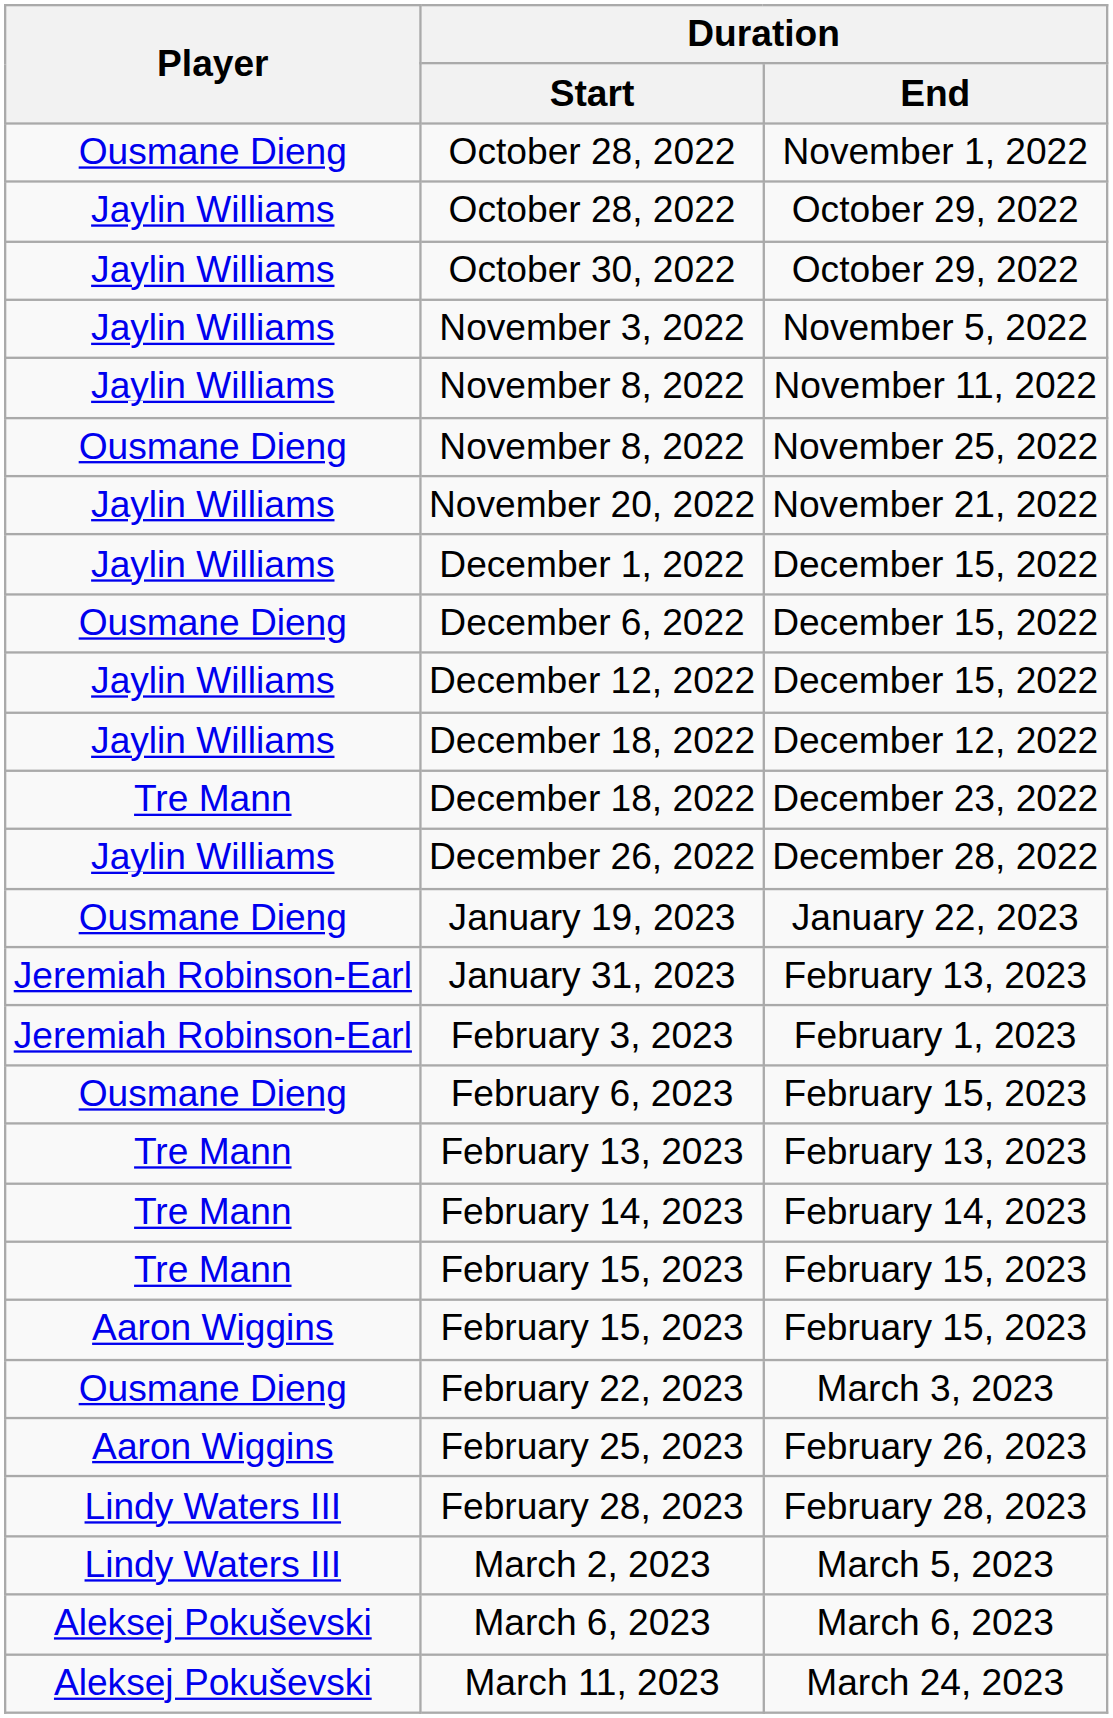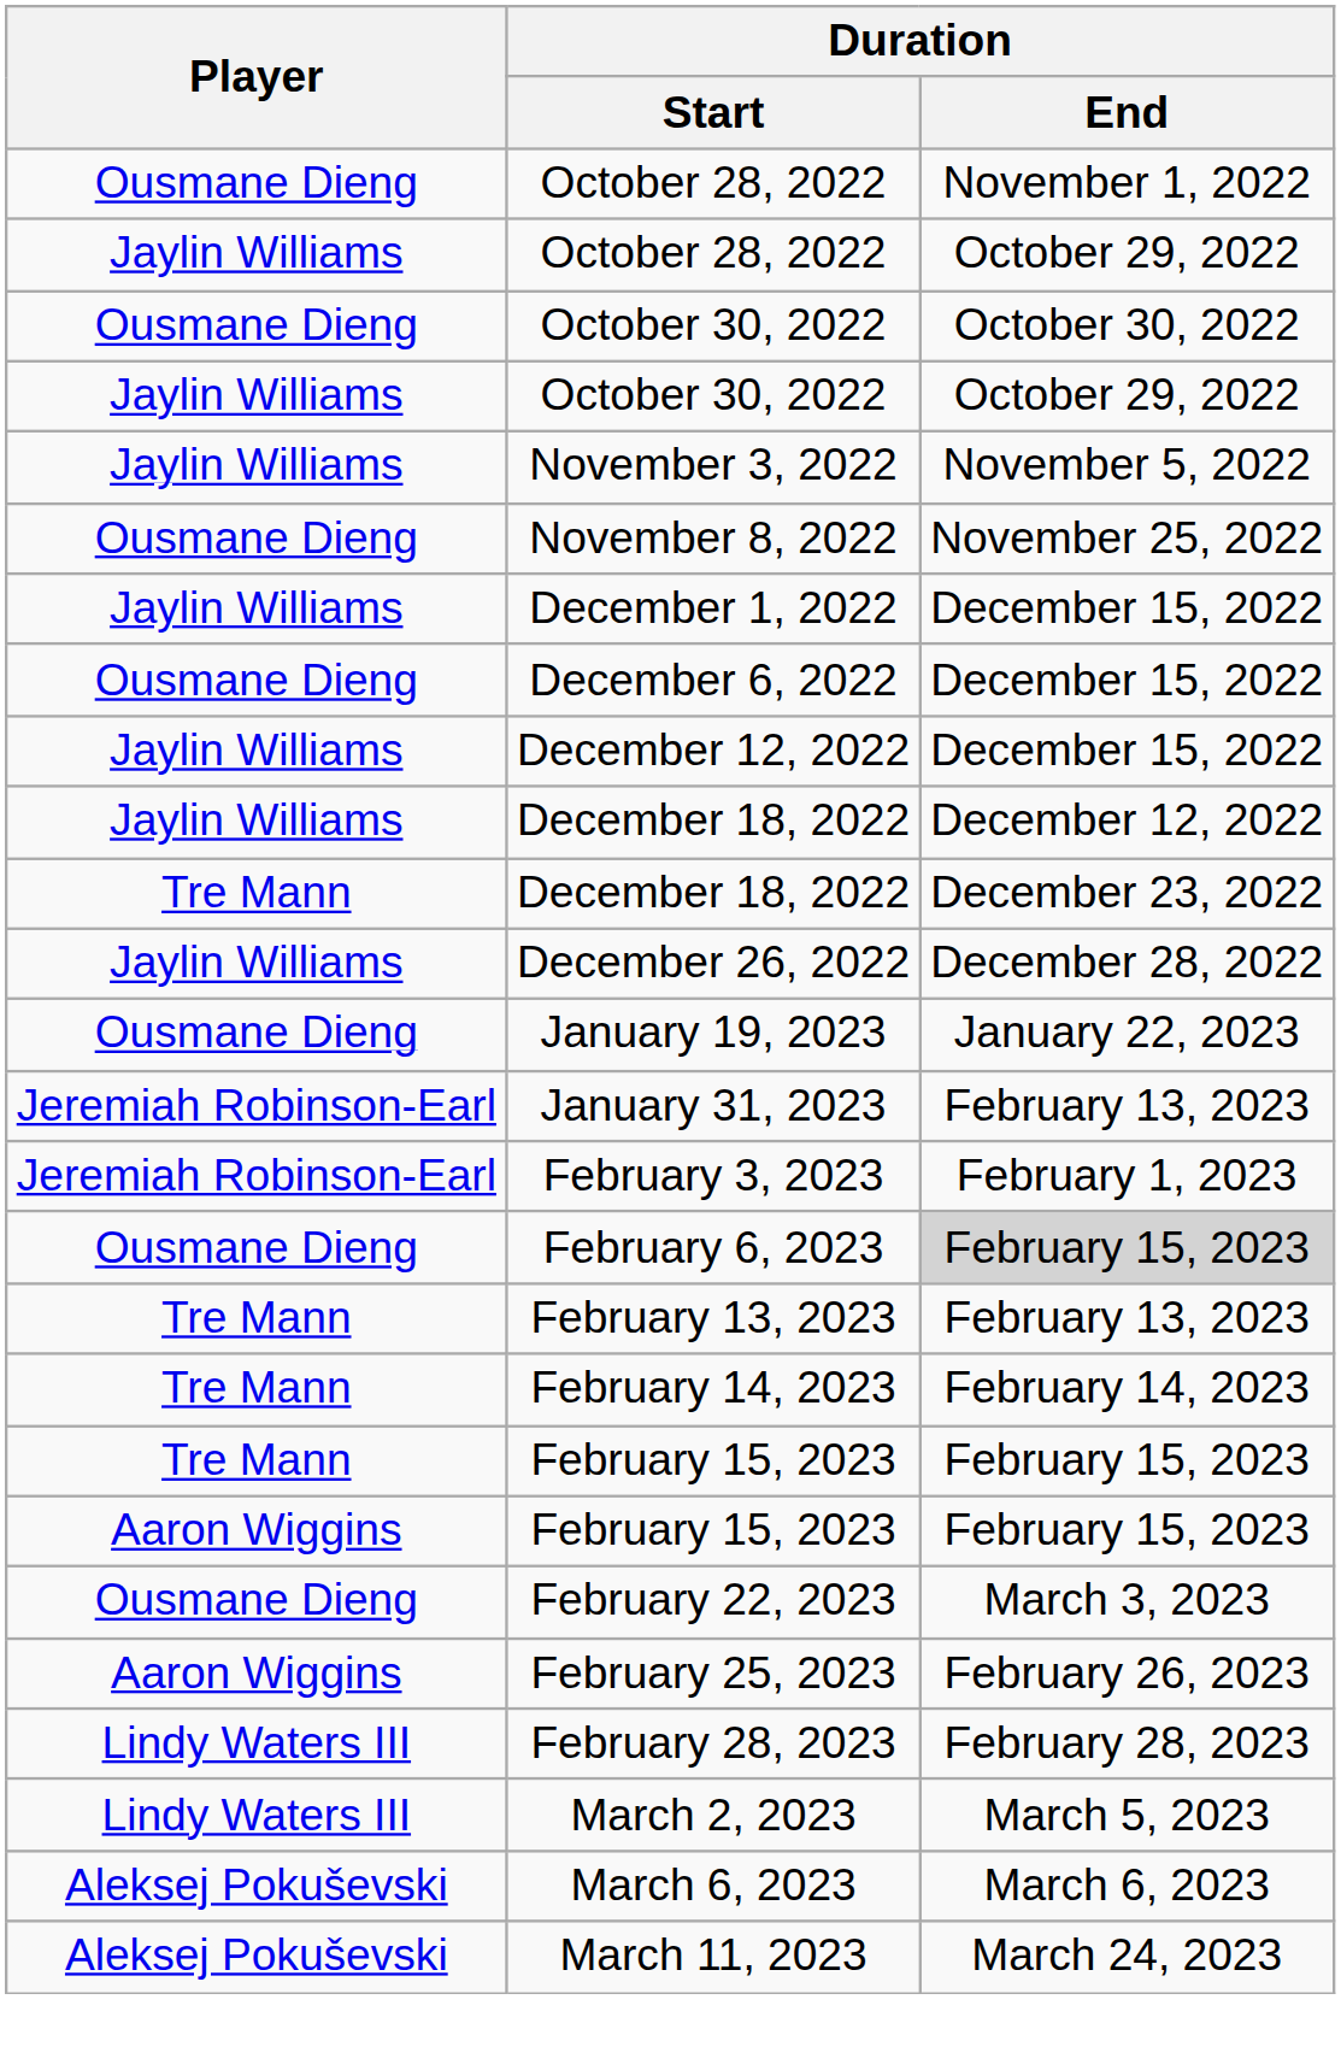 <table class="wikitable collapsible" style="text-align:center;">
 <tr>
 <th rowspan="2">Player</th>
 <th colspan="2">Duration</th>
 </tr>
 <tr>
 <th>Start</th>
 <th>End</th>
 </tr>
 <tr>
 <td><a href='#'>Ousmane Dieng</a></td>
 <td>October 28, 2022</td>
 <td>November 1, 2022</td>
 </tr>
 <tr>
 <td><a href='#'>Jaylin Williams</a></td>
 <td>October 28, 2022</td>
 <td>October 29, 2022</td>
 </tr>
 <tr>
+<td><a href='#'>Ousmane Dieng</a></td>
+<td>October 30, 2022</td>
+<td>October 30, 2022</td>
+</tr>
+<tr>
 <td><a href='#'>Jaylin Williams</a></td>
 <td>October 30, 2022</td>
 <td>October 29, 2022</td>
 </tr>
 <tr>
 <td><a href='#'>Jaylin Williams</a></td>
 <td>November 3, 2022</td>
 <td>November 5, 2022</td>
 </tr>
 <tr>
-<td><a href='#'>Jaylin Williams</a></td>
-<td>November 8, 2022</td>
-<td>November 11, 2022</td>
-</tr>
-<tr>
 <td><a href='#'>Ousmane Dieng</a></td>
 <td>November 8, 2022</td>
 <td>November 25, 2022</td>
-</tr>
-<tr>
-<td><a href='#'>Jaylin Williams</a></td>
-<td>November 20, 2022</td>
-<td>November 21, 2022</td>
 </tr>
 <tr>
 <td><a href='#'>Jaylin Williams</a></td>
 <td>December 1, 2022</td>
 <td>December 15, 2022</td>
 </tr>
 <tr>
 <td><a href='#'>Ousmane Dieng</a></td>
 <td>December 6, 2022</td>
 <td>December 15, 2022</td>
 </tr>
 <tr>
 <td><a href='#'>Jaylin Williams</a></td>
 <td>December 12, 2022</td>
 <td>December 15, 2022</td>
 </tr>
 <tr>
 <td><a href='#'>Jaylin Williams</a></td>
 <td>December 18, 2022</td>
 <td>December 12, 2022</td>
 </tr>
 <tr>
 <td><a href='#'>Tre Mann</a></td>
 <td>December 18, 2022</td>
 <td>December 23, 2022</td>
 </tr>
 <tr>
 <td><a href='#'>Jaylin Williams</a></td>
 <td>December 26, 2022</td>
 <td>December 28, 2022</td>
 </tr>
 <tr>
 <td><a href='#'>Ousmane Dieng</a></td>
 <td>January 19, 2023</td>
 <td>January 22, 2023</td>
 </tr>
 <tr>
 <td><a href='#'>Jeremiah Robinson-Earl</a></td>
 <td>January 31, 2023</td>
 <td>February 13, 2023</td>
 </tr>
 <tr>
 <td><a href='#'>Jeremiah Robinson-Earl</a></td>
 <td>February 3, 2023</td>
 <td>February 1, 2023</td>
 </tr>
 <tr>
 <td><a href='#'>Ousmane Dieng</a></td>
 <td>February 6, 2023</td>
-<td>February 15, 2023</td>
+<td style="background: lightgrey;">February 15, 2023</td>
 </tr>
 <tr>
 <td><a href='#'>Tre Mann</a></td>
 <td>February 13, 2023</td>
 <td>February 13, 2023</td>
 </tr>
 <tr>
 <td><a href='#'>Tre Mann</a></td>
 <td>February 14, 2023</td>
 <td>February 14, 2023</td>
 </tr>
 <tr>
 <td><a href='#'>Tre Mann</a></td>
 <td>February 15, 2023</td>
 <td>February 15, 2023</td>
 </tr>
 <tr>
 <td><a href='#'>Aaron Wiggins</a></td>
 <td>February 15, 2023</td>
 <td>February 15, 2023</td>
 </tr>
 <tr>
 <td><a href='#'>Ousmane Dieng</a></td>
 <td>February 22, 2023</td>
 <td>March 3, 2023</td>
 </tr>
 <tr>
 <td><a href='#'>Aaron Wiggins</a></td>
 <td>February 25, 2023</td>
 <td>February 26, 2023</td>
 </tr>
 <tr>
 <td><a href='#'>Lindy Waters III</a></td>
 <td>February 28, 2023</td>
 <td>February 28, 2023</td>
 </tr>
 <tr>
 <td><a href='#'>Lindy Waters III</a></td>
 <td>March 2, 2023</td>
 <td>March 5, 2023</td>
 </tr>
 <tr>
 <td><a href='#'>Aleksej Pokuševski</a></td>
 <td>March 6, 2023</td>
 <td>March 6, 2023</td>
 </tr>
 <tr>
 <td><a href='#'>Aleksej Pokuševski</a></td>
 <td>March 11, 2023</td>
 <td>March 24, 2023</td>
 </tr>
 </table>
